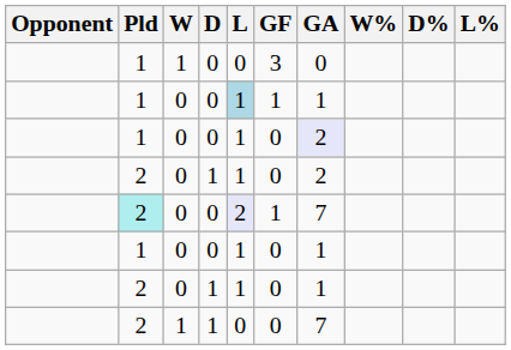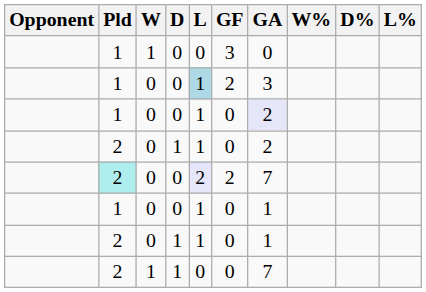 <table class="wikitable sortable" style="text-align:center">
 <tr>
 <th>Opponent</th>
 <th>Pld</th>
 <th>W</th>
 <th>D</th>
 <th>L</th>
 <th>GF</th>
 <th>GA</th>
 <th>W%</th>
 <th>D%</th>
 <th>L%</th>
 </tr>
 <tr>
 <td style="text-align:left;"></td>
 <td>1</td>
 <td>1</td>
 <td>0</td>
 <td>0</td>
 <td>3</td>
 <td>0</td>
 <td></td>
 <td></td>
 <td></td>
 </tr>
 <tr>
 <td style="text-align:left;"></td>
 <td>1</td>
 <td>0</td>
 <td>0</td>
 <td style="background: lightblue;">1</td>
-<td>1</td>
-<td>1</td>
+<td>2</td>
+<td>3</td>
 <td></td>
 <td></td>
 <td></td>
 </tr>
 <tr>
 <td style="text-align:left;"></td>
 <td>1</td>
 <td>0</td>
 <td>0</td>
 <td>1</td>
 <td>0</td>
 <td style="background: lavender;">2</td>
 <td></td>
 <td></td>
 <td></td>
 </tr>
 <tr>
 <td style="text-align:left;"></td>
 <td>2</td>
 <td>0</td>
 <td>1</td>
 <td>1</td>
 <td>0</td>
 <td>2</td>
 <td></td>
 <td></td>
 <td></td>
 </tr>
 <tr>
 <td style="text-align:left;"></td>
 <td style="background: paleturquoise;">2</td>
 <td>0</td>
 <td>0</td>
 <td style="background: lavender;">2</td>
-<td>1</td>
+<td>2</td>
 <td>7</td>
 <td></td>
 <td></td>
 <td></td>
 </tr>
 <tr>
 <td style="text-align:left;"></td>
 <td>1</td>
 <td>0</td>
 <td>0</td>
 <td>1</td>
 <td>0</td>
 <td>1</td>
 <td></td>
 <td></td>
 <td></td>
 </tr>
 <tr>
 <td style="text-align:left;"></td>
 <td>2</td>
 <td>0</td>
 <td>1</td>
 <td>1</td>
 <td>0</td>
 <td>1</td>
 <td></td>
 <td></td>
 <td></td>
 </tr>
 <tr>
 <td style="text-align:left;"></td>
 <td>2</td>
 <td>1</td>
 <td>1</td>
 <td>0</td>
 <td>0</td>
 <td>7</td>
 <td></td>
 <td></td>
 <td></td>
 </tr>
 </table>
